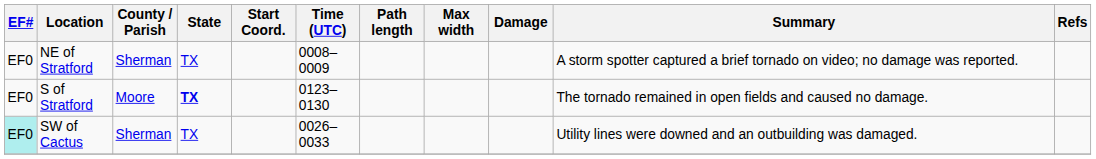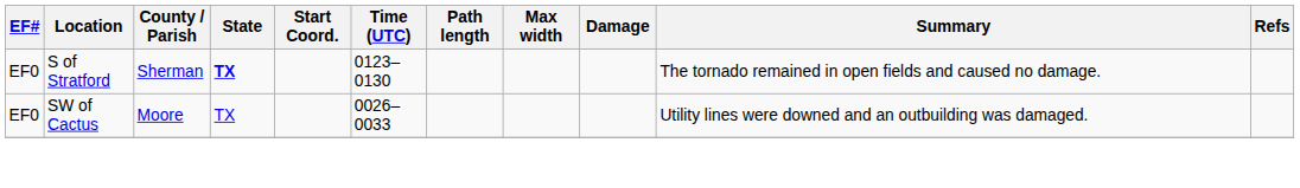 <table class="wikitable sortable" style="width:100%;">
 <tr>
 <th scope="col" width="3%" align="center"><a href='#'>EF#</a></th>
 <th scope="col" width="7%" align="center" class="unsortable">Location</th>
 <th scope="col" width="6%" align="center" class="unsortable">County / Parish</th>
 <th scope="col" width="5%" align="center">State</th>
 <th scope="col" width="6%" align="center">Start Coord.</th>
 <th scope="col" width="6%" align="center">Time (<a href='#'>UTC</a>)</th>
 <th scope="col" width="6%" align="center">Path length</th>
 <th scope="col" width="6%" align="center">Max width</th>
 <th scope="col" width="6%" align="center">Damage</th>
 <th scope="col" width="48%" class="unsortable" align="center">Summary</th>
 <th scope="col" width="48%" class="unsortable" align="center">Refs</th>
 </tr>
 <tr>
 <td>EF0</td>
-<td>NE of <a href='#'>Stratford</a></td>
+<td>S of <a href='#'>Stratford</a></td>
 <td><a href='#'>Sherman</a></td>
-<td><a href='#'>TX</a></td>
-<td></td>
-<td>0008–0009</td>
-<td></td>
-<td></td>
-<td></td>
-<td>A storm spotter captured a brief tornado on video; no damage was reported.</td>
-<td></td>
-</tr>
-<tr>
-<td>EF0</td>
-<td>S of <a href='#'>Stratford</a></td>
-<td><a href='#'>Moore</a></td>
 <td><strong><a href='#'>TX</a></strong></td>
 <td></td>
 <td>0123–0130</td>
 <td></td>
 <td></td>
 <td></td>
 <td>The tornado remained in open fields and caused no damage.</td>
 <td></td>
 </tr>
 <tr>
-<td style="background: paleturquoise;">EF0</td>
+<td>EF0</td>
 <td>SW of <a href='#'>Cactus</a></td>
-<td><a href='#'>Sherman</a></td>
+<td><a href='#'>Moore</a></td>
 <td><a href='#'>TX</a></td>
 <td></td>
 <td>0026–0033</td>
 <td></td>
 <td></td>
 <td></td>
 <td>Utility lines were downed and an outbuilding was damaged.</td>
 <td></td>
 </tr>
 <tr>
 </tr>
 </table>
